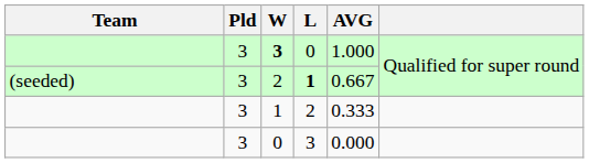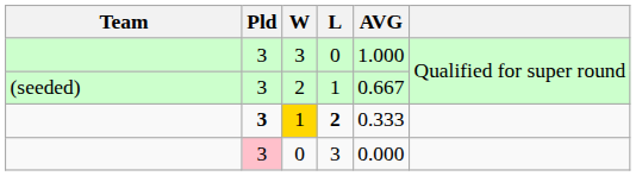 <table class="wikitable" style="text-align:center;">
 <tr>
 <th width=175>Team</th>
 <th width=20 abbr="Played">Pld</th>
 <th width=20 abbr="Won">W</th>
 <th width=20 abbr="Lost">L</th>
 <th width=30 abbr="Average">AVG</th>
 <th></th>
 </tr>
 <tr style="background:#ccffcc">
 <td align=left></td>
 <td>3</td>
-<td><strong>3</strong></td>
+<td>3</td>
 <td>0</td>
 <td>1.000</td>
 <td rowspan="2">Qualified for super round</td>
 </tr>
 <tr style="background:#ccffcc">
 <td align=left> (seeded)</td>
 <td>3</td>
 <td>2</td>
-<td><strong>1</strong></td>
+<td>1</td>
 <td>0.667</td>
 </tr>
 <tr>
 <td align=left></td>
-<td>3</td>
-<td>1</td>
-<td>2</td>
+<td><strong>3</strong></td>
+<td style="background: gold;">1</td>
+<td><strong>2</strong></td>
 <td>0.333</td>
 <td></td>
 </tr>
 <tr>
 <td align=left></td>
-<td>3</td>
+<td style="background: pink;">3</td>
 <td>0</td>
 <td>3</td>
 <td>0.000</td>
 <td></td>
 </tr>
 </table>
